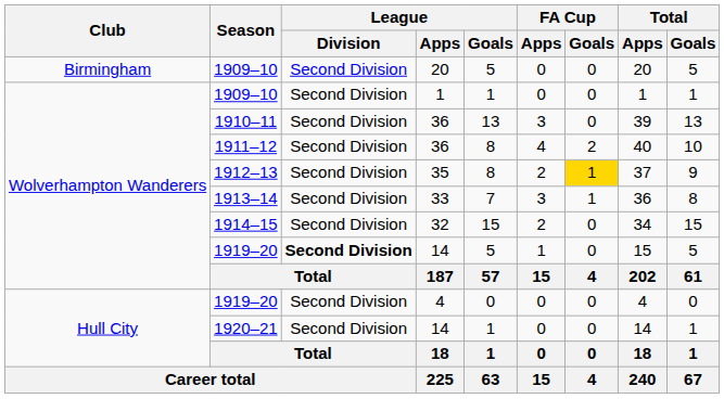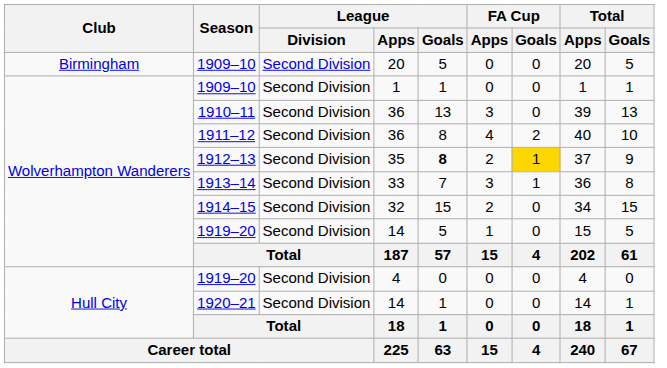 <table class="wikitable" style="text-align: center;">
 <tr>
 <th rowspan="2">Club</th>
 <th rowspan="2">Season</th>
 <th colspan="3">League</th>
 <th colspan="2">FA Cup</th>
 <th colspan="2">Total</th>
 </tr>
 <tr>
 <th>Division</th>
 <th>Apps</th>
 <th>Goals</th>
 <th>Apps</th>
 <th>Goals</th>
 <th>Apps</th>
 <th>Goals</th>
 </tr>
 <tr>
 <td><a href='#'>Birmingham</a></td>
 <td><a href='#'>1909–10</a></td>
 <td><a href='#'>Second Division</a></td>
 <td>20</td>
 <td>5</td>
 <td>0</td>
 <td>0</td>
 <td>20</td>
 <td>5</td>
 </tr>
 <tr>
 <td rowspan="8"><a href='#'>Wolverhampton Wanderers</a></td>
 <td><a href='#'>1909–10</a></td>
 <td>Second Division</td>
 <td>1</td>
 <td>1</td>
 <td>0</td>
 <td>0</td>
 <td>1</td>
 <td>1</td>
 </tr>
 <tr>
 <td><a href='#'>1910–11</a></td>
 <td>Second Division</td>
 <td>36</td>
 <td>13</td>
 <td>3</td>
 <td>0</td>
 <td>39</td>
 <td>13</td>
 </tr>
 <tr>
 <td><a href='#'>1911–12</a></td>
 <td>Second Division</td>
 <td>36</td>
 <td>8</td>
 <td>4</td>
 <td>2</td>
 <td>40</td>
 <td>10</td>
 </tr>
 <tr>
 <td><a href='#'>1912–13</a></td>
 <td>Second Division</td>
 <td>35</td>
-<td>8</td>
+<td><strong>8</strong></td>
 <td>2</td>
 <td style="background: gold;">1</td>
 <td>37</td>
 <td>9</td>
 </tr>
 <tr>
 <td><a href='#'>1913–14</a></td>
 <td>Second Division</td>
 <td>33</td>
 <td>7</td>
 <td>3</td>
 <td>1</td>
 <td>36</td>
 <td>8</td>
 </tr>
 <tr>
 <td><a href='#'>1914–15</a></td>
 <td>Second Division</td>
 <td>32</td>
 <td>15</td>
 <td>2</td>
 <td>0</td>
 <td>34</td>
 <td>15</td>
 </tr>
 <tr>
 <td><a href='#'>1919–20</a></td>
-<td><strong>Second Division</strong></td>
+<td>Second Division</td>
 <td>14</td>
 <td>5</td>
 <td>1</td>
 <td>0</td>
 <td>15</td>
 <td>5</td>
 </tr>
 <tr>
 <th colspan="2">Total</th>
 <th>187</th>
 <th>57</th>
 <th>15</th>
 <th>4</th>
 <th>202</th>
 <th>61</th>
 </tr>
 <tr>
 <td rowspan="3"><a href='#'>Hull City</a></td>
 <td><a href='#'>1919–20</a></td>
 <td>Second Division</td>
 <td>4</td>
 <td>0</td>
 <td>0</td>
 <td>0</td>
 <td>4</td>
 <td>0</td>
 </tr>
 <tr>
 <td><a href='#'>1920–21</a></td>
 <td>Second Division</td>
 <td>14</td>
 <td>1</td>
 <td>0</td>
 <td>0</td>
 <td>14</td>
 <td>1</td>
 </tr>
 <tr>
 <th colspan="2">Total</th>
 <th>18</th>
 <th>1</th>
 <th>0</th>
 <th>0</th>
 <th>18</th>
 <th>1</th>
 </tr>
 <tr>
 <th colspan="3">Career total</th>
 <th>225</th>
 <th>63</th>
 <th>15</th>
 <th>4</th>
 <th>240</th>
 <th>67</th>
 </tr>
 </table>
